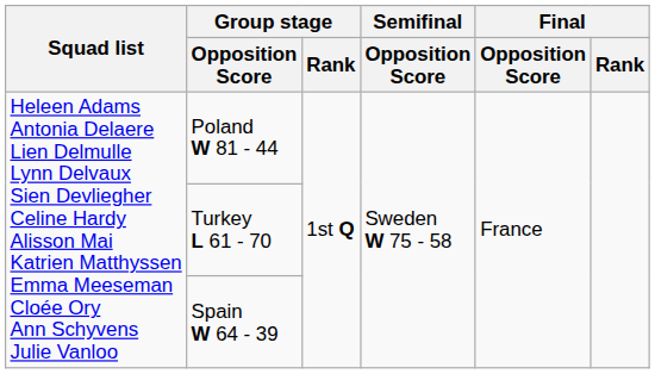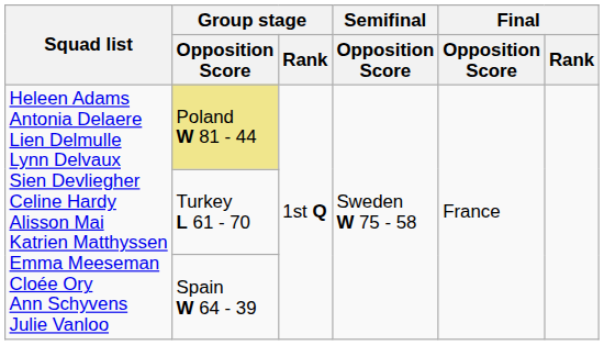 <table class=wikitable style="font-size:90%">
 <tr>
 <th rowspan="2">Squad list</th>
 <th colspan="2">Group stage</th>
 <th>Semifinal</th>
 <th colspan="2">Final</th>
 </tr>
 <tr>
 <th>Opposition<br>Score</th>
 <th>Rank</th>
 <th>Opposition<br>Score</th>
 <th>Opposition<br>Score</th>
 <th>Rank</th>
 </tr>
 <tr>
 <td rowspan="3"><a href='#'>Heleen Adams</a><br><a href='#'>Antonia Delaere</a><br><a href='#'>Lien Delmulle</a><br><a href='#'>Lynn Delvaux</a><br><a href='#'>Sien Devliegher</a><br><a href='#'>Celine Hardy</a><br><a href='#'>Alisson Mai</a><br><a href='#'>Katrien Matthyssen</a><br><a href='#'>Emma Meeseman</a><br><a href='#'>Cloée Ory</a><br><a href='#'>Ann Schyvens</a><br><a href='#'>Julie Vanloo</a></td>
-<td> Poland<br> <strong>W</strong> 81 - 44</td>
+<td style="background: khaki;"> Poland<br> <strong>W</strong> 81 - 44</td>
 <td rowspan="3">1st <strong>Q</strong></td>
 <td rowspan="3"> Sweden<br> <strong>W</strong> 75 - 58</td>
 <td rowspan="3"> France<br></td>
 <td rowspan="3"></td>
 </tr>
 <tr>
 <td> Turkey<br> <strong>L</strong> 61 - 70</td>
 </tr>
 <tr>
 <td> Spain<br> <strong>W</strong> 64 - 39</td>
 </tr>
 </table>
